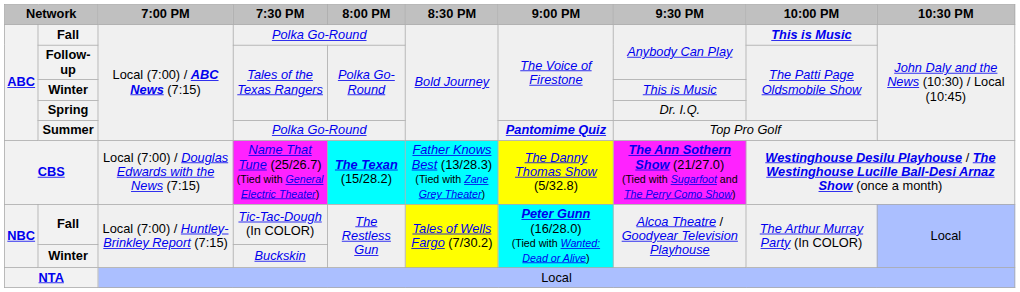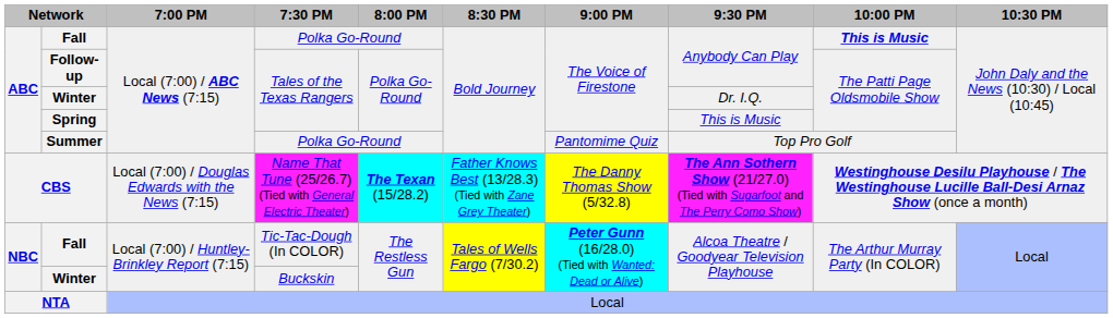 <table class="wikitable" style="width:100%;margin-right:0;text-align:center">
 <tr>
 <th colspan="2" style="background-color:#C0C0C0;text-align:center">Network</th>
 <th style="background-color:#C0C0C0;text-align:center">7:00 PM</th>
 <th style="background-color:#C0C0C0;text-align:center">7:30 PM</th>
 <th style="background-color:#C0C0C0;text-align:center">8:00 PM</th>
 <th style="background-color:#C0C0C0;text-align:center">8:30 PM</th>
 <th style="background-color:#C0C0C0;text-align:center">9:00 PM</th>
 <th style="background-color:#C0C0C0;text-align:center">9:30 PM</th>
 <th style="background-color:#C0C0C0;text-align:center">10:00 PM</th>
 <th style="background-color:#C0C0C0;text-align:center">10:30 PM</th>
 </tr>
 <tr>
 <th rowspan="5"><a href='#'>ABC</a></th>
 <th colspan="1">Fall</th>
 <td rowspan="5" bgcolor="#F0F0F0">Local (7:00) / <strong><em><a href='#'>ABC News</a></em></strong> (7:15)</td>
 <td bgcolor="#F0F0F0" colspan="2"><em><a href='#'>Polka Go-Round</a></em></td>
 <td rowspan="5" bgcolor="#F0F0F0"><em><a href='#'>Bold Journey</a></em></td>
 <td bgcolor="#F0F0F0" rowspan="4"><em><a href='#'>The Voice of Firestone</a></em></td>
 <td bgcolor="#F0F0F0" rowspan="2"><em><a href='#'>Anybody Can Play</a></em></td>
 <td bgcolor="#F0F0F0"><strong><em><a href='#'>This is Music</a></em></strong></td>
 <td rowspan="5" bgcolor="#F0F0F0"><em><a href='#'>John Daly and the News</a></em> (10:30) / Local (10:45)</td>
 </tr>
 <tr>
 <th colspan="1">Follow-up</th>
 <td rowspan="3" bgcolor="#F0F0F0"><em><a href='#'>Tales of the Texas Rangers</a></em></td>
 <td rowspan="3" bgcolor="#F0F0F0"><em><a href='#'>Polka Go-Round</a></em></td>
 <td bgcolor="#F0F0F0" rowspan="3"><em><a href='#'>The Patti Page Oldsmobile Show</a></em></td>
 </tr>
 <tr>
 <th colspan="1">Winter</th>
-<td bgcolor="#F0F0F0"><em><a href='#'>This is Music</a></em></td>
+<td bgcolor="#F0F0F0"><em>Dr. I.Q.</em></td>
 </tr>
 <tr>
 <th colspan="1">Spring</th>
-<td bgcolor="#F0F0F0"><em>Dr. I.Q.</em></td>
+<td bgcolor="#F0F0F0"><em><a href='#'>This is Music</a></em></td>
 </tr>
 <tr>
 <th colspan="1">Summer</th>
 <td colspan="2" bgcolor="#F0F0F0"><em><a href='#'>Polka Go-Round</a></em></td>
-<td bgcolor="#F0F0F0"><strong><em><a href='#'>Pantomime Quiz</a></em></strong></td>
+<td bgcolor="#F0F0F0"><em><a href='#'>Pantomime Quiz</a></em></td>
 <td colspan="2" bgcolor="#F0F0F0"><em>Top Pro Golf</em></td>
 </tr>
 <tr>
 <th colspan="2"><a href='#'>CBS</a></th>
 <td bgcolor="#F0F0F0">Local (7:00) / <em><a href='#'>Douglas Edwards with the News</a></em> (7:15)</td>
 <td bgcolor="#FF22FF"><em><a href='#'>Name That Tune</a></em> (25/26.7)<br><small>(Tied with <em><a href='#'>General Electric Theater</a></em>)</small></td>
 <td bgcolor="#00FFFF"><strong><em><a href='#'>The Texan</a></em></strong> (15/28.2)</td>
 <td bgcolor="#00FFFF"><em><a href='#'>Father Knows Best</a></em> (13/28.3)<br><small>(Tied with <em><a href='#'>Zane Grey Theater</a></em>)</small></td>
 <td bgcolor="#FFFF00"><em><a href='#'>The Danny Thomas Show</a></em> (5/32.8)</td>
 <td bgcolor="#FF22FF"><strong><em><a href='#'>The Ann Sothern Show</a></em></strong> (21/27.0)<br><small>(Tied with <em><a href='#'>Sugarfoot</a></em> and <em><a href='#'>The Perry Como Show</a></em>)</small></td>
 <td bgcolor="#F0F0F0" colspan="2"><strong><em><a href='#'>Westinghouse Desilu Playhouse</a></em></strong> / <strong><em><a href='#'>The Westinghouse Lucille Ball-Desi Arnaz Show</a></em></strong> (once a month)</td>
 </tr>
 <tr>
 <th rowspan="2"><a href='#'>NBC</a></th>
 <th>Fall</th>
 <td rowspan="2" bgcolor="#F0F0F0">Local (7:00) / <em><a href='#'>Huntley-Brinkley Report</a></em> (7:15)</td>
 <td bgcolor="#F0F0F0"><em><a href='#'>Tic-Tac-Dough</a></em> (In <span>C</span><span>O</span><span>L</span><span>O</span><span>R</span>)</td>
 <td rowspan="2" bgcolor="#F0F0F0"><em><a href='#'>The Restless Gun</a></em></td>
 <td rowspan="2" bgcolor="#FFFF00"><em><a href='#'>Tales of Wells Fargo</a></em> (7/30.2)</td>
 <td rowspan="2" bgcolor="#00FFFF"><strong><em><a href='#'>Peter Gunn</a></em></strong> (16/28.0)<br><small>(Tied with <em><a href='#'>Wanted: Dead or Alive</a></em>)</small></td>
 <td rowspan="2" bgcolor="#F0F0F0"><em><a href='#'>Alcoa Theatre</a></em> / <em><a href='#'>Goodyear Television Playhouse</a></em></td>
 <td rowspan="2" bgcolor="#F0F0F0"><em><a href='#'>The Arthur Murray Party</a></em> (In <span>C</span><span>O</span><span>L</span><span>O</span><span>R</span>)</td>
 <td rowspan="2" bgcolor="#abbfff">Local</td>
 </tr>
 <tr>
 <th>Winter</th>
 <td bgcolor="#F0F0F0"><em><a href='#'>Buckskin</a></em></td>
 </tr>
 <tr>
 <th colspan="2"><a href='#'>NTA</a></th>
 <td colspan="8" bgcolor="#abbfff">Local</td>
 </tr>
 </table>
